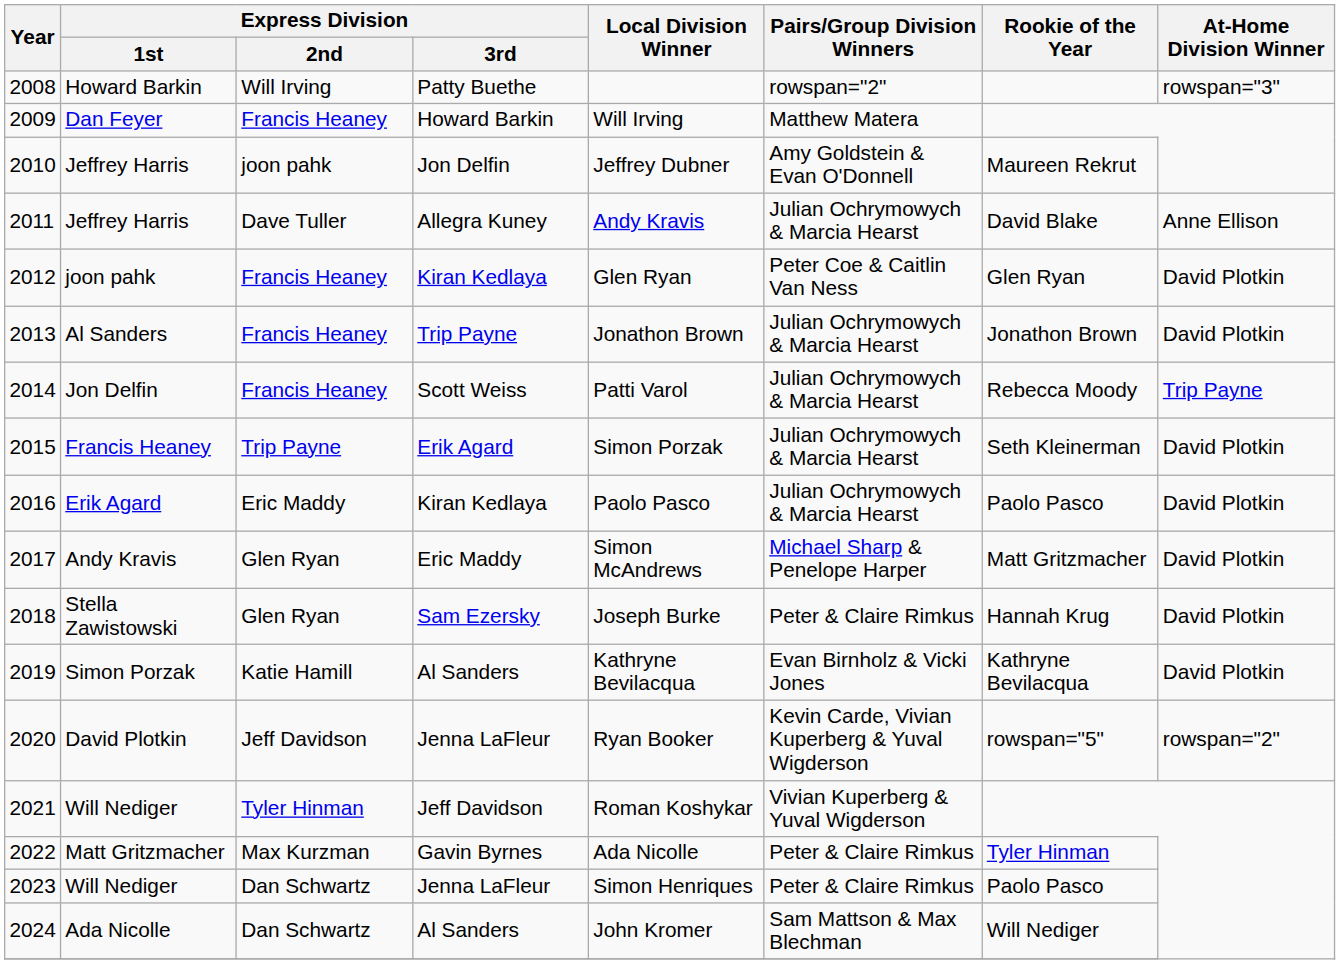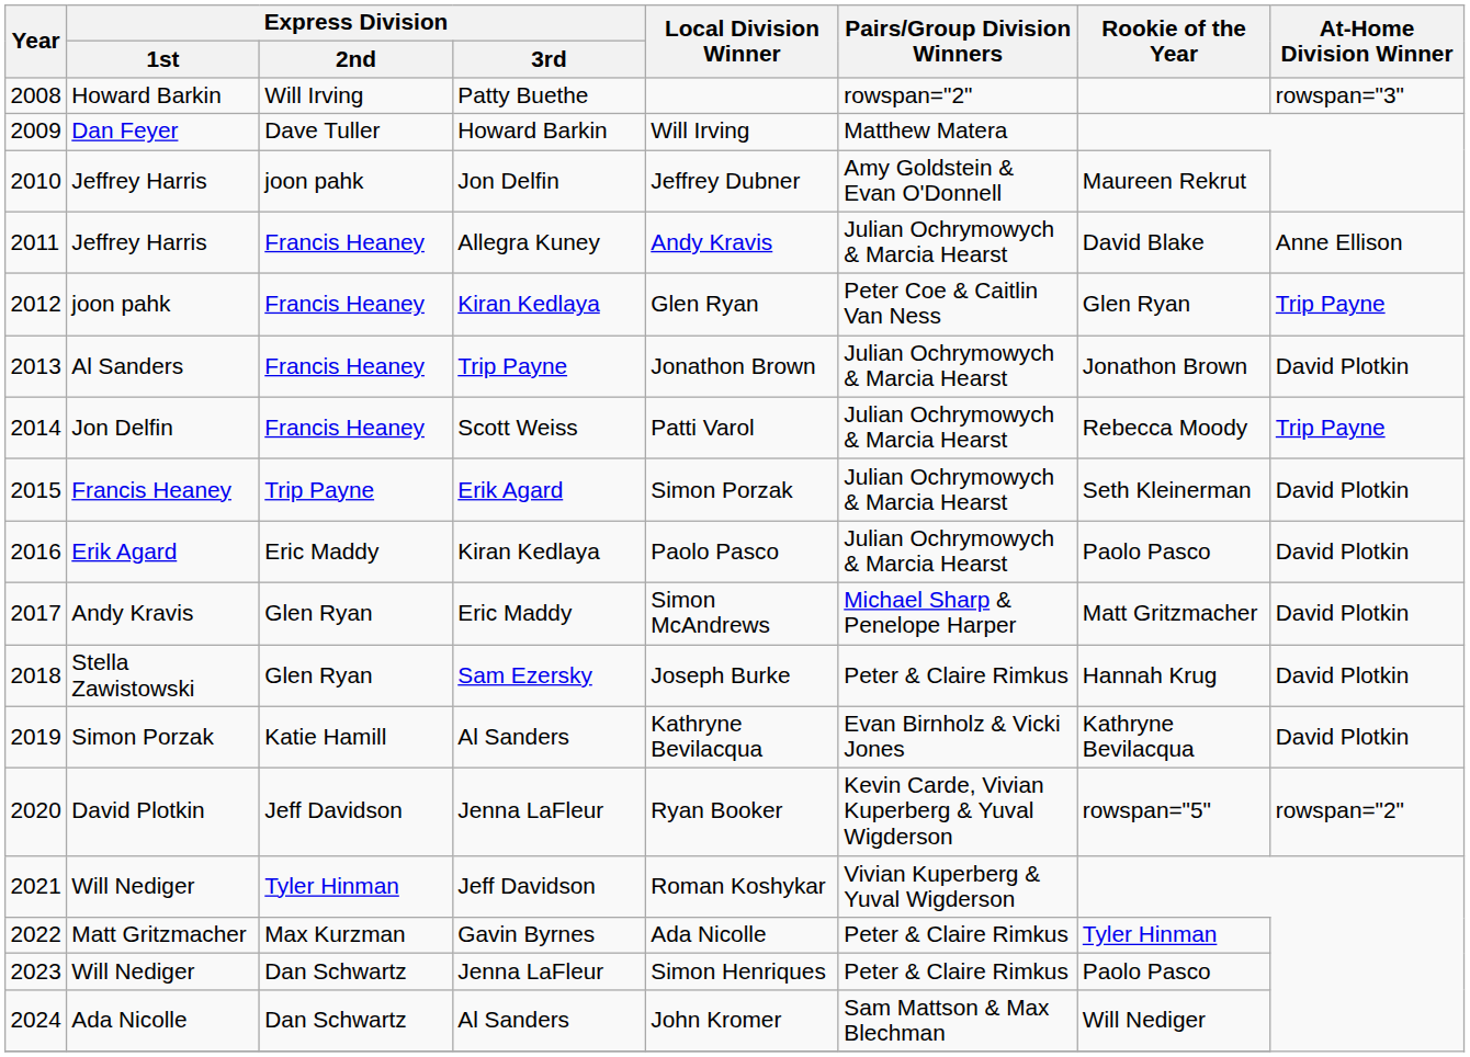 <table class="wikitable">
 <tr>
 <th rowspan=2>Year</th>
 <th colspan=3>Express Division</th>
 <th style=width:8em rowspan=2>Local Division Winner</th>
 <th style=width:10em rowspan=2>Pairs/Group Division Winners</th>
 <th style=width:8em rowspan=2>Rookie of the Year</th>
 <th style=width:8em rowspan=2>At-Home Division Winner</th>
 </tr>
 <tr bgcolor="#eeeeee">
 <th align="left" style=width:8em>1st</th>
 <th style=width:8em>2nd</th>
 <th style=width:8em>3rd</th>
 </tr>
 <tr>
 <td>2008</td>
 <td>Howard Barkin</td>
 <td>Will Irving</td>
 <td>Patty Buethe</td>
 <td></td>
 <td>rowspan="2" </td>
 <td></td>
 <td>rowspan="3" </td>
 </tr>
 <tr>
 <td>2009</td>
 <td><a href='#'>Dan Feyer</a></td>
-<td><a href='#'>Francis Heaney</a></td>
+<td>Dave Tuller</td>
 <td>Howard Barkin</td>
 <td>Will Irving</td>
 <td>Matthew Matera</td>
 </tr>
 <tr>
 <td>2010</td>
 <td>Jeffrey Harris</td>
 <td>joon pahk</td>
 <td>Jon Delfin</td>
 <td>Jeffrey Dubner</td>
 <td>Amy Goldstein & Evan O'Donnell</td>
 <td>Maureen Rekrut</td>
 </tr>
 <tr>
 <td>2011</td>
 <td>Jeffrey Harris</td>
-<td>Dave Tuller</td>
+<td><a href='#'>Francis Heaney</a></td>
 <td>Allegra Kuney</td>
 <td><a href='#'>Andy Kravis</a></td>
 <td>Julian Ochrymowych & Marcia Hearst</td>
 <td>David Blake</td>
 <td>Anne Ellison</td>
 </tr>
 <tr>
 <td>2012</td>
 <td>joon pahk</td>
 <td><a href='#'>Francis Heaney</a></td>
 <td><a href='#'>Kiran Kedlaya</a></td>
 <td>Glen Ryan</td>
 <td>Peter Coe & Caitlin Van Ness</td>
 <td>Glen Ryan</td>
-<td>David Plotkin</td>
+<td><a href='#'>Trip Payne</a></td>
 </tr>
 <tr>
 <td>2013</td>
 <td>Al Sanders</td>
 <td><a href='#'>Francis Heaney</a></td>
 <td><a href='#'>Trip Payne</a></td>
 <td>Jonathon Brown</td>
 <td>Julian Ochrymowych & Marcia Hearst</td>
 <td>Jonathon Brown</td>
 <td>David Plotkin</td>
 </tr>
 <tr>
 <td>2014</td>
 <td>Jon Delfin</td>
 <td><a href='#'>Francis Heaney</a></td>
 <td>Scott Weiss</td>
 <td>Patti Varol</td>
 <td>Julian Ochrymowych & Marcia Hearst</td>
 <td>Rebecca Moody</td>
 <td><a href='#'>Trip Payne</a></td>
 </tr>
 <tr>
 <td>2015</td>
 <td><a href='#'>Francis Heaney</a></td>
 <td><a href='#'>Trip Payne</a></td>
 <td><a href='#'>Erik Agard</a></td>
 <td>Simon Porzak</td>
 <td>Julian Ochrymowych & Marcia Hearst</td>
 <td>Seth Kleinerman</td>
 <td>David Plotkin</td>
 </tr>
 <tr>
 <td>2016</td>
 <td><a href='#'>Erik Agard</a></td>
 <td>Eric Maddy</td>
 <td>Kiran Kedlaya</td>
 <td>Paolo Pasco</td>
 <td>Julian Ochrymowych & Marcia Hearst</td>
 <td>Paolo Pasco</td>
 <td>David Plotkin</td>
 </tr>
 <tr>
 <td>2017</td>
 <td>Andy Kravis</td>
 <td>Glen Ryan</td>
 <td>Eric Maddy</td>
 <td>Simon McAndrews</td>
 <td><a href='#'>Michael Sharp</a> & Penelope Harper</td>
 <td>Matt Gritzmacher</td>
 <td>David Plotkin</td>
 </tr>
 <tr>
 <td>2018</td>
 <td>Stella Zawistowski</td>
 <td>Glen Ryan</td>
 <td><a href='#'>Sam Ezersky</a></td>
 <td>Joseph Burke</td>
 <td>Peter & Claire Rimkus</td>
 <td>Hannah Krug</td>
 <td>David Plotkin</td>
 </tr>
 <tr>
 <td>2019</td>
 <td>Simon Porzak</td>
 <td>Katie Hamill</td>
 <td>Al Sanders</td>
 <td>Kathryne Bevilacqua</td>
 <td>Evan Birnholz & Vicki Jones</td>
 <td>Kathryne Bevilacqua</td>
 <td>David Plotkin</td>
 </tr>
 <tr>
 <td>2020</td>
 <td>David Plotkin</td>
 <td>Jeff Davidson</td>
 <td>Jenna LaFleur</td>
 <td>Ryan Booker</td>
 <td>Kevin Carde, Vivian Kuperberg & Yuval Wigderson</td>
 <td>rowspan="5" </td>
 <td>rowspan="2" </td>
 </tr>
 <tr>
 <td>2021</td>
 <td>Will Nediger</td>
 <td><a href='#'>Tyler Hinman</a></td>
 <td>Jeff Davidson</td>
 <td>Roman Koshykar</td>
 <td>Vivian Kuperberg & Yuval Wigderson</td>
 </tr>
 <tr>
 <td>2022</td>
 <td>Matt Gritzmacher</td>
 <td>Max Kurzman</td>
 <td>Gavin Byrnes</td>
 <td>Ada Nicolle</td>
 <td>Peter & Claire Rimkus</td>
 <td><a href='#'>Tyler Hinman</a></td>
 </tr>
 <tr>
 <td>2023</td>
 <td>Will Nediger</td>
 <td>Dan Schwartz</td>
 <td>Jenna LaFleur</td>
 <td>Simon Henriques</td>
 <td>Peter & Claire Rimkus</td>
 <td>Paolo Pasco</td>
 </tr>
 <tr>
 <td>2024</td>
 <td>Ada Nicolle</td>
 <td>Dan Schwartz</td>
 <td>Al Sanders</td>
 <td>John Kromer</td>
 <td>Sam Mattson & Max Blechman</td>
 <td>Will Nediger</td>
 </tr>
 <tr>
 </tr>
 </table>
